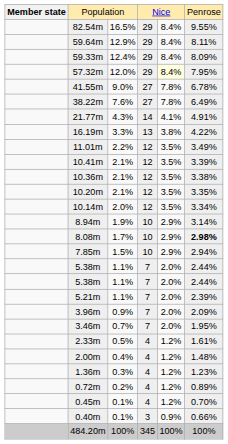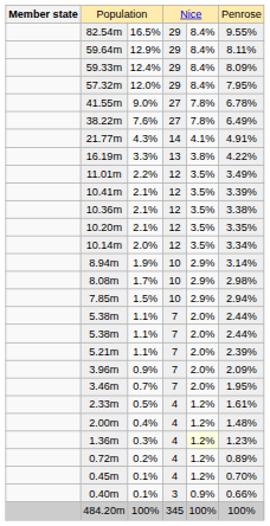 <table class="wikitable" style="float:right; font-size:80%; text-align:center; valign:bottom; margin-left:1em; margin-bottom:1em;">
 <tr style="background: #ffebad;">
 <th>Member state</th>
 <td colspan="2">Population</td>
 <td colspan="2"><a href='#'>Nice</a></td>
 <td colspan="2">Penrose</td>
 </tr>
 <tr>
 <td style="text-align:left;"></td>
 <td style="background: #efefef;">82.54m</td>
 <td>16.5%</td>
 <td style="background: #efefef;">29</td>
 <td>8.4%</td>
 <td style="background: #efefef;">9.55%</td>
 </tr>
 <tr>
 <td style="text-align:left;"></td>
 <td style="background: #efefef;">59.64m</td>
 <td>12.9%</td>
 <td style="background: #efefef;">29</td>
 <td>8.4%</td>
 <td style="background: #efefef;">8.11%</td>
 </tr>
 <tr>
 <td style="text-align:left;"></td>
 <td style="background: #efefef;">59.33m</td>
 <td>12.4%</td>
 <td style="background: #efefef;">29</td>
 <td>8.4%</td>
 <td style="background: #efefef;">8.09%</td>
 </tr>
 <tr>
 <td style="text-align:left;"></td>
 <td style="background: #efefef;">57.32m</td>
 <td>12.0%</td>
 <td style="background: #efefef;">29</td>
-<td style="background: lightyellow;">8.4%</td>
+<td>8.4%</td>
 <td style="background: #efefef;">7.95%</td>
 </tr>
 <tr>
 <td style="text-align:left;"></td>
 <td style="background: #efefef;">41.55m</td>
 <td>9.0%</td>
 <td style="background: #efefef;">27</td>
 <td>7.8%</td>
 <td style="background: #efefef;">6.78%</td>
 </tr>
 <tr>
 <td style="text-align:left;"></td>
 <td style="background: #efefef;">38.22m</td>
 <td>7.6%</td>
 <td style="background: #efefef;">27</td>
 <td>7.8%</td>
 <td style="background: #efefef;">6.49%</td>
 </tr>
 <tr>
 <td style="text-align:left;"></td>
 <td style="background: #efefef;">21.77m</td>
 <td>4.3%</td>
 <td style="background: #efefef;">14</td>
 <td>4.1%</td>
 <td style="background: #efefef;">4.91%</td>
 </tr>
 <tr>
 <td style="text-align:left;"></td>
 <td style="background: #efefef;">16.19m</td>
 <td>3.3%</td>
 <td style="background: #efefef;">13</td>
 <td>3.8%</td>
 <td style="background: #efefef;">4.22%</td>
 </tr>
 <tr>
 <td style="text-align:left;"></td>
 <td style="background: #efefef;">11.01m</td>
 <td>2.2%</td>
 <td style="background: #efefef;">12</td>
 <td>3.5%</td>
 <td style="background: #efefef;">3.49%</td>
 </tr>
 <tr>
 <td style="text-align:left;"></td>
 <td style="background: #efefef;">10.41m</td>
 <td>2.1%</td>
 <td style="background: #efefef;">12</td>
 <td>3.5%</td>
 <td style="background: #efefef;">3.39%</td>
 </tr>
 <tr>
 <td style="text-align:left;"></td>
 <td style="background: #efefef;">10.36m</td>
 <td>2.1%</td>
 <td style="background: #efefef;">12</td>
 <td>3.5%</td>
 <td style="background: #efefef;">3.38%</td>
 </tr>
 <tr>
 <td style="text-align:left;"></td>
 <td style="background: #efefef;">10.20m</td>
 <td>2.1%</td>
 <td style="background: #efefef;">12</td>
 <td>3.5%</td>
 <td style="background: #efefef;">3.35%</td>
 </tr>
 <tr>
 <td style="text-align:left;"></td>
 <td style="background: #efefef;">10.14m</td>
 <td>2.0%</td>
 <td style="background: #efefef;">12</td>
 <td>3.5%</td>
 <td style="background: #efefef;">3.34%</td>
 </tr>
 <tr>
 <td style="text-align:left;"></td>
 <td style="background: #efefef;">8.94m</td>
 <td>1.9%</td>
 <td style="background: #efefef;">10</td>
 <td>2.9%</td>
 <td style="background: #efefef;">3.14%</td>
 </tr>
 <tr>
 <td style="text-align:left;"></td>
 <td style="background: #efefef;">8.08m</td>
 <td>1.7%</td>
 <td style="background: #efefef;">10</td>
 <td>2.9%</td>
-<td style="background: #efefef;"><strong>2.98%</strong></td>
+<td style="background: #efefef;">2.98%</td>
 </tr>
 <tr>
 <td style="text-align:left;"></td>
 <td style="background: #efefef;">7.85m</td>
 <td>1.5%</td>
 <td style="background: #efefef;">10</td>
 <td>2.9%</td>
 <td style="background: #efefef;">2.94%</td>
 </tr>
 <tr>
 <td style="text-align:left;"></td>
 <td style="background: #efefef;">5.38m</td>
 <td>1.1%</td>
 <td style="background: #efefef;">7</td>
 <td>2.0%</td>
 <td style="background: #efefef;">2.44%</td>
 </tr>
 <tr>
 <td style="text-align:left;"></td>
 <td style="background: #efefef;">5.38m</td>
 <td>1.1%</td>
 <td style="background: #efefef;">7</td>
 <td>2.0%</td>
 <td style="background: #efefef;">2.44%</td>
 </tr>
 <tr>
 <td style="text-align:left;"></td>
 <td style="background: #efefef;">5.21m</td>
 <td>1.1%</td>
 <td style="background: #efefef;">7</td>
 <td>2.0%</td>
 <td style="background: #efefef;">2.39%</td>
 </tr>
 <tr>
 <td style="text-align:left;"></td>
 <td style="background: #efefef;">3.96m</td>
 <td>0.9%</td>
 <td style="background: #efefef;">7</td>
 <td>2.0%</td>
 <td style="background: #efefef;">2.09%</td>
 </tr>
 <tr>
 <td style="text-align:left;"></td>
 <td style="background: #efefef;">3.46m</td>
 <td>0.7%</td>
 <td style="background: #efefef;">7</td>
 <td>2.0%</td>
 <td style="background: #efefef;">1.95%</td>
 </tr>
 <tr>
 <td style="text-align:left;"></td>
 <td style="background: #efefef;">2.33m</td>
 <td>0.5%</td>
 <td style="background: #efefef;">4</td>
 <td>1.2%</td>
 <td style="background: #efefef;">1.61%</td>
 </tr>
 <tr>
 <td style="text-align:left;"></td>
 <td style="background: #efefef;">2.00m</td>
 <td>0.4%</td>
 <td style="background: #efefef;">4</td>
 <td>1.2%</td>
 <td style="background: #efefef;">1.48%</td>
 </tr>
 <tr>
 <td style="text-align:left;"></td>
 <td style="background: #efefef;">1.36m</td>
 <td>0.3%</td>
 <td style="background: #efefef;">4</td>
-<td>1.2%</td>
+<td style="background: lightyellow;">1.2%</td>
 <td style="background: #efefef;">1.23%</td>
 </tr>
 <tr>
 <td style="text-align:left;"></td>
 <td style="background: #efefef;">0.72m</td>
 <td>0.2%</td>
 <td style="background: #efefef;">4</td>
 <td>1.2%</td>
 <td style="background: #efefef;">0.89%</td>
 </tr>
 <tr>
 <td style="text-align:left;"></td>
 <td style="background: #efefef;">0.45m</td>
 <td>0.1%</td>
 <td style="background: #efefef;">4</td>
 <td>1.2%</td>
 <td style="background: #efefef;">0.70%</td>
 </tr>
 <tr>
 <td style="text-align:left;"></td>
 <td style="background: #efefef;">0.40m</td>
 <td>0.1%</td>
 <td style="background: #efefef;">3</td>
 <td>0.9%</td>
 <td style="background: #efefef;">0.66%</td>
 </tr>
 <tr style="background:#cccccc;">
 <td style="text-align:left;"></td>
 <td>484.20m</td>
 <td>100%</td>
 <td>345</td>
 <td>100%</td>
 <td>100%</td>
 </tr>
 </table>
